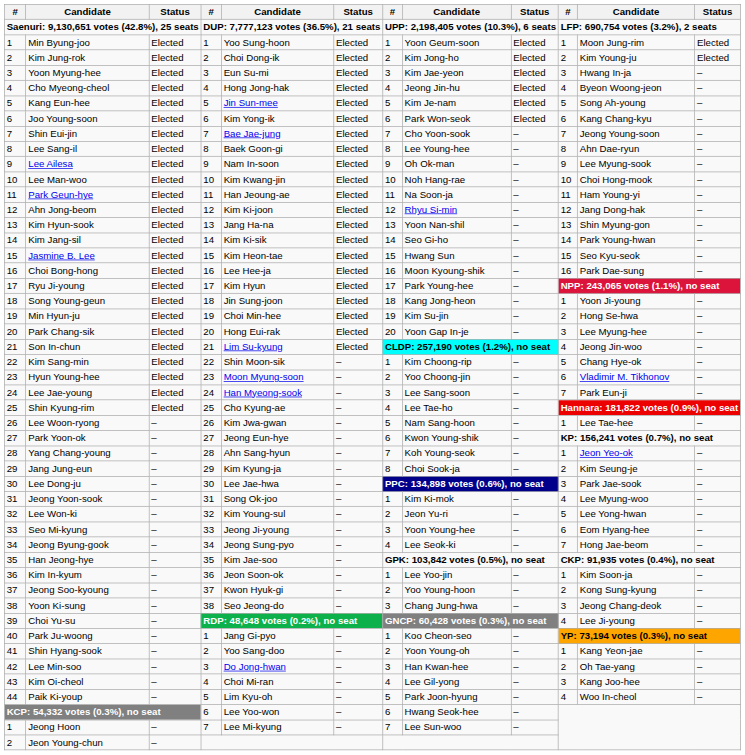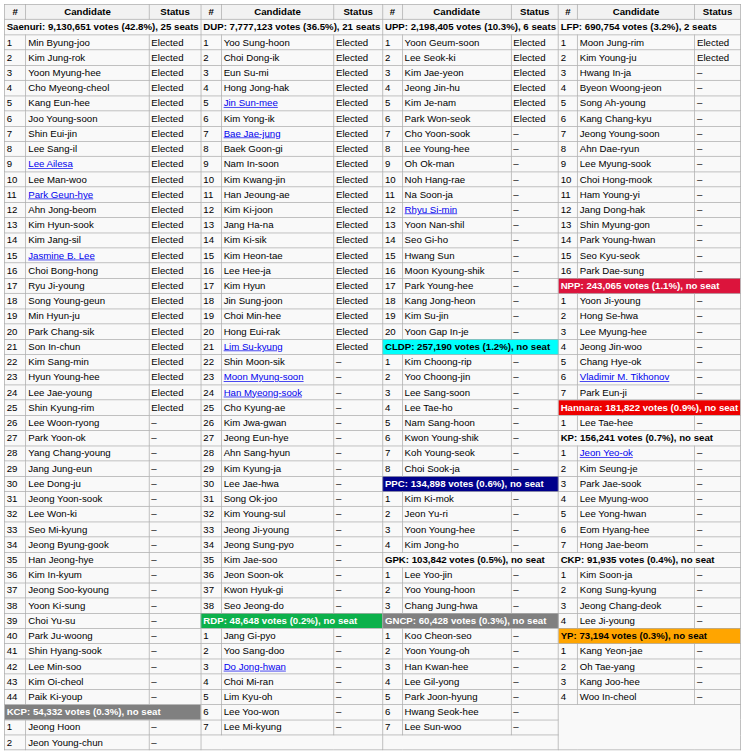 <table class="wikitable" style="font-size:85%;">
 <tr>
 <th>#</th>
 <th>Candidate</th>
 <th>Status</th>
 <th>#</th>
 <th>Candidate</th>
 <th>Status</th>
 <th>#</th>
 <th>Candidate</th>
 <th>Status</th>
 <th>#</th>
 <th>Candidate</th>
 <th>Status</th>
 </tr>
 <tr>
 <td colspan="3" style="background:"><strong>Saenuri: 9,130,651 votes (42.8%), 25 seats</strong></td>
 <td colspan="3" style="background:"><strong>DUP: 7,777,123 votes (36.5%), 21 seats</strong></td>
 <td colspan="3" style="background:"><strong>UPP: 2,198,405 votes (10.3%), 6 seats</strong></td>
 <td colspan="3" style="background:"><strong>LFP: 690,754 votes (3.2%), 2 seats</strong></td>
 </tr>
 <tr>
 <td>1</td>
 <td>Min Byung-joo</td>
 <td style="background:">Elected</td>
 <td>1</td>
 <td>Yoo Sung-hoon</td>
 <td style="background:">Elected</td>
 <td>1</td>
 <td>Yoon Geum-soon</td>
 <td style="background:">Elected</td>
 <td>1</td>
 <td>Moon Jung-rim</td>
 <td style="background:">Elected</td>
 </tr>
 <tr>
 <td>2</td>
 <td>Kim Jung-rok</td>
 <td style="background:">Elected</td>
 <td>2</td>
 <td>Choi Dong-ik</td>
 <td style="background:">Elected</td>
 <td>2</td>
-<td>Kim Jong-ho</td>
+<td>Lee Seok-ki</td>
 <td style="background:">Elected</td>
 <td>2</td>
 <td>Kim Young-ju</td>
 <td style="background:">Elected</td>
 </tr>
 <tr>
 <td>3</td>
 <td>Yoon Myung-hee</td>
 <td style="background:">Elected</td>
 <td>3</td>
 <td>Eun Su-mi</td>
 <td style="background:">Elected</td>
 <td>3</td>
 <td>Kim Jae-yeon</td>
 <td style="background:">Elected</td>
 <td>3</td>
 <td>Hwang In-ja</td>
 <td>–</td>
 </tr>
 <tr>
 <td>4</td>
 <td>Cho Myeong-cheol</td>
 <td style="background:">Elected</td>
 <td>4</td>
 <td>Hong Jong-hak</td>
 <td style="background:">Elected</td>
 <td>4</td>
 <td>Jeong Jin-hu</td>
 <td style="background:">Elected</td>
 <td>4</td>
 <td>Byeon Woong-jeon</td>
 <td>–</td>
 </tr>
 <tr>
 <td>5</td>
 <td>Kang Eun-hee</td>
 <td style="background:">Elected</td>
 <td>5</td>
 <td><a href='#'>Jin Sun-mee</a></td>
 <td style="background:">Elected</td>
 <td>5</td>
 <td>Kim Je-nam</td>
 <td style="background:">Elected</td>
 <td>5</td>
 <td>Song Ah-young</td>
 <td>–</td>
 </tr>
 <tr>
 <td>6</td>
 <td>Joo Young-soon</td>
 <td style="background:">Elected</td>
 <td>6</td>
 <td>Kim Yong-ik</td>
 <td style="background:">Elected</td>
 <td>6</td>
 <td>Park Won-seok</td>
 <td style="background:">Elected</td>
 <td>6</td>
 <td>Kang Chang-kyu</td>
 <td>–</td>
 </tr>
 <tr>
 <td>7</td>
 <td>Shin Eui-jin</td>
 <td style="background:">Elected</td>
 <td>7</td>
 <td><a href='#'>Bae Jae-jung</a></td>
 <td style="background:">Elected</td>
 <td>7</td>
 <td>Cho Yoon-sook</td>
 <td>–</td>
 <td>7</td>
 <td>Jeong Young-soon</td>
 <td>–</td>
 </tr>
 <tr>
 <td>8</td>
 <td>Lee Sang-il</td>
 <td style="background:">Elected</td>
 <td>8</td>
 <td>Baek Goon-gi</td>
 <td style="background:">Elected</td>
 <td>8</td>
 <td>Lee Young-hee</td>
 <td>–</td>
 <td>8</td>
 <td>Ahn Dae-ryun</td>
 <td>–</td>
 </tr>
 <tr>
 <td>9</td>
 <td><a href='#'>Lee Ailesa</a></td>
 <td style="background:">Elected</td>
 <td>9</td>
 <td>Nam In-soon</td>
 <td style="background:">Elected</td>
 <td>9</td>
 <td>Oh Ok-man</td>
 <td>–</td>
 <td>9</td>
 <td>Lee Myung-sook</td>
 <td>–</td>
 </tr>
 <tr>
 <td>10</td>
 <td>Lee Man-woo</td>
 <td style="background:">Elected</td>
 <td>10</td>
 <td>Kim Kwang-jin</td>
 <td style="background:">Elected</td>
 <td>10</td>
 <td>Noh Hang-rae</td>
 <td>–</td>
 <td>10</td>
 <td>Choi Hong-mook</td>
 <td>–</td>
 </tr>
 <tr>
 <td>11</td>
 <td><a href='#'>Park Geun-hye</a></td>
 <td style="background:">Elected</td>
 <td>11</td>
 <td>Han Jeoung-ae</td>
 <td style="background:">Elected</td>
 <td>11</td>
 <td>Na Soon-ja</td>
 <td>–</td>
 <td>11</td>
 <td>Ham Young-yi</td>
 <td>–</td>
 </tr>
 <tr>
 <td>12</td>
 <td>Ahn Jong-beom</td>
 <td style="background:">Elected</td>
 <td>12</td>
 <td>Kim Ki-joon</td>
 <td style="background:">Elected</td>
 <td>12</td>
 <td><a href='#'>Rhyu Si-min</a></td>
 <td>–</td>
 <td>12</td>
 <td>Jang Dong-hak</td>
 <td>–</td>
 </tr>
 <tr>
 <td>13</td>
 <td>Kim Hyun-sook</td>
 <td style="background:">Elected</td>
 <td>13</td>
 <td>Jang Ha-na</td>
 <td style="background:">Elected</td>
 <td>13</td>
 <td>Yoon Nan-shil</td>
 <td>–</td>
 <td>13</td>
 <td>Shin Myung-gon</td>
 <td>–</td>
 </tr>
 <tr>
 <td>14</td>
 <td>Kim Jang-sil</td>
 <td style="background:">Elected</td>
 <td>14</td>
 <td>Kim Ki-sik</td>
 <td style="background:">Elected</td>
 <td>14</td>
 <td>Seo Gi-ho</td>
 <td>–</td>
 <td>14</td>
 <td>Park Young-hwan</td>
 <td>–</td>
 </tr>
 <tr>
 <td>15</td>
 <td><a href='#'>Jasmine B. Lee</a></td>
 <td style="background:">Elected</td>
 <td>15</td>
 <td>Kim Heon-tae</td>
 <td style="background:">Elected</td>
 <td>15</td>
 <td>Hwang Sun</td>
 <td>–</td>
 <td>15</td>
 <td>Seo Kyu-seok</td>
 <td>–</td>
 </tr>
 <tr>
 <td>16</td>
 <td>Choi Bong-hong</td>
 <td style="background:">Elected</td>
 <td>16</td>
 <td>Lee Hee-ja</td>
 <td style="background:">Elected</td>
 <td>16</td>
 <td>Moon Kyoung-shik</td>
 <td>–</td>
 <td>16</td>
 <td>Park Dae-sung</td>
 <td>–</td>
 </tr>
 <tr>
 <td>17</td>
 <td>Ryu Ji-young</td>
 <td style="background:">Elected</td>
 <td>17</td>
 <td>Kim Hyun</td>
 <td style="background:">Elected</td>
 <td>17</td>
 <td>Park Young-hee</td>
 <td>–</td>
 <td colspan="3" style="background:#DC143C; color:white"><strong>NPP: 243,065 votes (1.1%), no seat</strong></td>
 </tr>
 <tr>
 <td>18</td>
 <td>Song Young-geun</td>
 <td style="background:">Elected</td>
 <td>18</td>
 <td>Jin Sung-joon</td>
 <td style="background:">Elected</td>
 <td>18</td>
 <td>Kang Jong-heon</td>
 <td>–</td>
 <td>1</td>
 <td>Yoon Ji-young</td>
 <td>–</td>
 </tr>
 <tr>
 <td>19</td>
 <td>Min Hyun-ju</td>
 <td style="background:">Elected</td>
 <td>19</td>
 <td>Choi Min-hee</td>
 <td style="background:">Elected</td>
 <td>19</td>
 <td>Kim Su-jin</td>
 <td>–</td>
 <td>2</td>
 <td>Hong Se-hwa</td>
 <td>–</td>
 </tr>
 <tr>
 <td>20</td>
 <td>Park Chang-sik</td>
 <td style="background:">Elected</td>
 <td>20</td>
 <td>Hong Eui-rak</td>
 <td style="background:">Elected</td>
 <td>20</td>
 <td>Yoon Gap In-je</td>
 <td>–</td>
 <td>3</td>
 <td>Lee Myung-hee</td>
 <td>–</td>
 </tr>
 <tr>
 <td>21</td>
 <td>Son In-chun</td>
 <td style="background:">Elected</td>
 <td>21</td>
 <td><a href='#'>Lim Su-kyung</a></td>
 <td style="background:">Elected</td>
 <td colspan="3" style="background:#00FFFC;"><strong>CLDP: 257,190 votes (1.2%), no seat</strong></td>
 <td>4</td>
 <td>Jeong Jin-woo</td>
 <td>–</td>
 </tr>
 <tr>
 <td>22</td>
 <td>Kim Sang-min</td>
 <td style="background:">Elected</td>
 <td>22</td>
 <td>Shin Moon-sik</td>
 <td>–</td>
 <td>1</td>
 <td>Kim Choong-rip</td>
 <td>–</td>
 <td>5</td>
 <td>Chang Hye-ok</td>
 <td>–</td>
 </tr>
 <tr>
 <td>23</td>
 <td>Hyun Young-hee</td>
 <td style="background:">Elected</td>
 <td>23</td>
 <td><a href='#'>Moon Myung-soon</a></td>
 <td>–</td>
 <td>2</td>
 <td>Yoo Choong-jin</td>
 <td>–</td>
 <td>6</td>
 <td><a href='#'>Vladimir M. Tikhonov</a></td>
 <td>–</td>
 </tr>
 <tr>
 <td>24</td>
 <td>Lee Jae-young</td>
 <td style="background:">Elected</td>
 <td>24</td>
 <td><a href='#'>Han Myeong-sook</a></td>
 <td>–</td>
 <td>3</td>
 <td>Lee Sang-soon</td>
 <td>–</td>
 <td>7</td>
 <td>Park Eun-ji</td>
 <td>–</td>
 </tr>
 <tr>
 <td>25</td>
 <td>Shin Kyung-rim</td>
 <td style="background:">Elected</td>
 <td>25</td>
 <td>Cho Kyung-ae</td>
 <td>–</td>
 <td>4</td>
 <td>Lee Tae-ho</td>
 <td>–</td>
 <td colspan="3" style="background:#ED0000; color:white"><strong>Hannara: 181,822 votes (0.9%), no seat</strong></td>
 </tr>
 <tr>
 <td>26</td>
 <td>Lee Woon-ryong</td>
 <td>–</td>
 <td>26</td>
 <td>Kim Jwa-gwan</td>
 <td>–</td>
 <td>5</td>
 <td>Nam Sang-hoon</td>
 <td>–</td>
 <td>1</td>
 <td>Lee Tae-hee</td>
 <td>–</td>
 </tr>
 <tr>
 <td>27</td>
 <td>Park Yoon-ok</td>
 <td>–</td>
 <td>27</td>
 <td>Jeong Eun-hye</td>
 <td>–</td>
 <td>6</td>
 <td>Kwon Young-shik</td>
 <td>–</td>
 <td colspan="3" style="background:"><strong>KP: 156,241 votes (0.7%), no seat</strong></td>
 </tr>
 <tr>
 <td>28</td>
 <td>Yang Chang-young</td>
 <td>–</td>
 <td>28</td>
 <td>Ahn Sang-hyun</td>
 <td>–</td>
 <td>7</td>
 <td>Koh Young-seok</td>
 <td>–</td>
 <td>1</td>
 <td><a href='#'>Jeon Yeo-ok</a></td>
 <td>–</td>
 </tr>
 <tr>
 <td>29</td>
 <td>Jang Jung-eun</td>
 <td>–</td>
 <td>29</td>
 <td>Kim Kyung-ja</td>
 <td>–</td>
 <td>8</td>
 <td>Choi Sook-ja</td>
 <td>–</td>
 <td>2</td>
 <td>Kim Seung-je</td>
 <td>–</td>
 </tr>
 <tr>
 <td>30</td>
 <td>Lee Dong-ju</td>
 <td>–</td>
 <td>30</td>
 <td>Lee Jae-hwa</td>
 <td>–</td>
 <td colspan="3" style="background:#00008B; color:white"><strong>PPC: 134,898 votes (0.6%), no seat</strong></td>
 <td>3</td>
 <td>Park Jae-sook</td>
 <td>–</td>
 </tr>
 <tr>
 <td>31</td>
 <td>Jeong Yoon-sook</td>
 <td>–</td>
 <td>31</td>
 <td>Song Ok-joo</td>
 <td>–</td>
 <td>1</td>
 <td>Kim Ki-mok</td>
 <td>–</td>
 <td>4</td>
 <td>Lee Myung-woo</td>
 <td>–</td>
 </tr>
 <tr>
 <td>32</td>
 <td>Lee Won-ki</td>
 <td>–</td>
 <td>32</td>
 <td>Kim Young-sul</td>
 <td>–</td>
 <td>2</td>
 <td>Jeon Yu-ri</td>
 <td>–</td>
 <td>5</td>
 <td>Lee Yong-hwan</td>
 <td>–</td>
 </tr>
 <tr>
 <td>33</td>
 <td>Seo Mi-kyung</td>
 <td>–</td>
 <td>33</td>
 <td>Jeong Ji-young</td>
 <td>–</td>
 <td>3</td>
 <td>Yoon Young-hee</td>
 <td>–</td>
 <td>6</td>
 <td>Eom Hyang-hee</td>
 <td>–</td>
 </tr>
 <tr>
 <td>34</td>
 <td>Jeong Byung-gook</td>
 <td>–</td>
 <td>34</td>
 <td>Jeong Sung-pyo</td>
 <td>–</td>
 <td>4</td>
-<td>Lee Seok-ki</td>
+<td>Kim Jong-ho</td>
 <td>–</td>
 <td>7</td>
 <td>Hong Jae-beom</td>
 <td>–</td>
 </tr>
 <tr>
 <td>35</td>
 <td>Han Jeong-hye</td>
 <td>–</td>
 <td>35</td>
 <td>Kim Jae-soo</td>
 <td>–</td>
 <td colspan="3" style="background:"><strong>GPK: 103,842 votes (0.5%), no seat</strong></td>
 <td colspan="3" style="background:"><strong>CKP: 91,935 votes (0.4%), no seat</strong></td>
 </tr>
 <tr>
 <td>36</td>
 <td>Kim In-kyum</td>
 <td>–</td>
 <td>36</td>
 <td>Jeon Soon-ok</td>
 <td>–</td>
 <td>1</td>
 <td>Lee Yoo-jin</td>
 <td>–</td>
 <td>1</td>
 <td>Kim Soon-ja</td>
 <td>–</td>
 </tr>
 <tr>
 <td>37</td>
 <td>Jeong Soo-kyoung</td>
 <td>–</td>
 <td>37</td>
 <td>Kwon Hyuk-gi</td>
 <td>–</td>
 <td>2</td>
 <td>Yoo Young-hoon</td>
 <td>–</td>
 <td>2</td>
 <td>Kong Sung-kyung</td>
 <td>–</td>
 </tr>
 <tr>
 <td>38</td>
 <td>Yoon Ki-sung</td>
 <td>–</td>
 <td>38</td>
 <td>Seo Jeong-do</td>
 <td>–</td>
 <td>3</td>
 <td>Chang Jung-hwa</td>
 <td>–</td>
 <td>3</td>
 <td>Jeong Chang-deok</td>
 <td>–</td>
 </tr>
 <tr>
 <td>39</td>
 <td>Choi Yu-su</td>
 <td>–</td>
 <td colspan="3" style="background:#0CB14B; color:white"><strong>RDP: 48,648 votes (0.2%), no seat</strong></td>
 <td colspan="3" style="background:grey; color:white"><strong>GNCP: 60,428 votes (0.3%), no seat</strong></td>
 <td>4</td>
 <td>Lee Ji-young</td>
 <td>–</td>
 </tr>
 <tr>
 <td>40</td>
 <td>Park Ju-woong</td>
 <td>–</td>
 <td>1</td>
 <td>Jang Gi-pyo</td>
 <td>–</td>
 <td>1</td>
 <td>Koo Cheon-seo</td>
 <td>–</td>
 <td colspan="3" style="background:orange;"><strong>YP: 73,194 votes (0.3%), no seat</strong></td>
 </tr>
 <tr>
 <td>41</td>
 <td>Shin Hyang-sook</td>
 <td>–</td>
 <td>2</td>
 <td>Yoo Sang-doo</td>
 <td>–</td>
 <td>2</td>
 <td>Yoon Young-oh</td>
 <td>–</td>
 <td>1</td>
 <td>Kang Yeon-jae</td>
 <td>–</td>
 </tr>
 <tr>
 <td>42</td>
 <td>Lee Min-soo</td>
 <td>–</td>
 <td>3</td>
 <td><a href='#'>Do Jong-hwan</a></td>
 <td>–</td>
 <td>3</td>
 <td>Han Kwan-hee</td>
 <td>–</td>
 <td>2</td>
 <td>Oh Tae-yang</td>
 <td>–</td>
 </tr>
 <tr>
 <td>43</td>
 <td>Kim Oi-cheol</td>
 <td>–</td>
 <td>4</td>
 <td>Choi Mi-ran</td>
 <td>–</td>
 <td>4</td>
 <td>Lee Gil-yong</td>
 <td>–</td>
 <td>3</td>
 <td>Kang Joo-hee</td>
 <td>–</td>
 </tr>
 <tr>
 <td>44</td>
 <td>Paik Ki-youp</td>
 <td>–</td>
 <td>5</td>
 <td>Lim Kyu-oh</td>
 <td>–</td>
 <td>5</td>
 <td>Park Joon-hyung</td>
 <td>–</td>
 <td>4</td>
 <td>Woo In-cheol</td>
 <td>–</td>
 </tr>
 <tr>
 <td colspan="3" style="background:grey; color:white"><strong>KCP: 54,332 votes (0.3%), no seat</strong></td>
 <td>6</td>
 <td>Lee Yoo-won</td>
 <td>–</td>
 <td>6</td>
 <td>Hwang Seok-hee</td>
 <td>–</td>
 <td colspan="3" rowspan="3"></td>
 </tr>
 <tr>
 <td>1</td>
 <td>Jeong Hoon</td>
 <td>–</td>
 <td>7</td>
 <td>Lee Mi-kyung</td>
 <td>–</td>
 <td>7</td>
 <td>Lee Sun-woo</td>
 <td>–</td>
 </tr>
 <tr>
 <td>2</td>
 <td>Jeon Young-chun</td>
 <td>–</td>
 <td colspan="3"></td>
 <td colspan="3"></td>
 </tr>
 </table>
